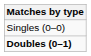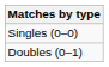 <table class=wikitable>
 <tr>
 <th>Matches by type</th>
 </tr>
 <tr>
 <td>Singles (0–0)</td>
 </tr>
 <tr>
-<td><strong>Doubles (0–1)</strong></td>
+<td>Doubles (0–1)</td>
 </tr>
 </table>
